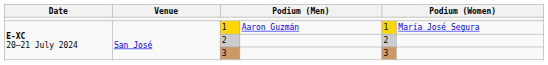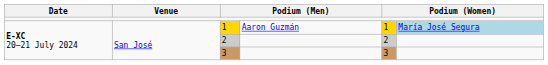 <table class="wikitable" width=70%>
 <tr>
 <th>Date</th>
 <th width=20%>Venue</th>
 <th colspan=2 width=30%>Podium (Men)</th>
 <th colspan=2 width=30%>Podium (Women)</th>
 </tr>
 <tr>
 <td colspan=6></td>
 </tr>
 <tr>
 <td rowspan=3><strong>E-XC</strong> <br> 20–21 July 2024</td>
 <td rowspan=3><br><a href='#'>San José</a></td>
 <td bgcolor=FFD700>1</td>
 <td><a href='#'>Aaron Guzmán</a></td>
 <td bgcolor=FFD700>1</td>
-<td><a href='#'>María José Segura</a></td>
+<td style="background: lightblue;"><a href='#'>María José Segura</a></td>
 </tr>
 <tr>
 <td bgcolor=CCCCCC>2</td>
 <td></td>
 <td bgcolor=CCCCCC>2</td>
 <td></td>
 </tr>
 <tr>
 <td bgcolor=CC9966>3</td>
 <td></td>
 <td bgcolor=CC9966>3</td>
 <td></td>
 </tr>
 </table>
